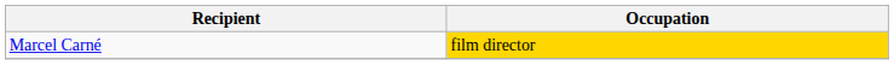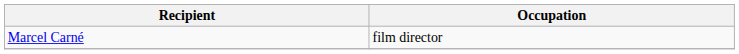 <table class="wikitable" width="95%" cellpadding="5">
 <tr>
 <th width="25%">Recipient</th>
 <th width="25%">Occupation</th>
 </tr>
 <tr>
 <td> <a href='#'>Marcel Carné</a></td>
-<td style="background: gold;">film director</td>
+<td>film director</td>
 </tr>
 <tr>
 </tr>
 </table>
